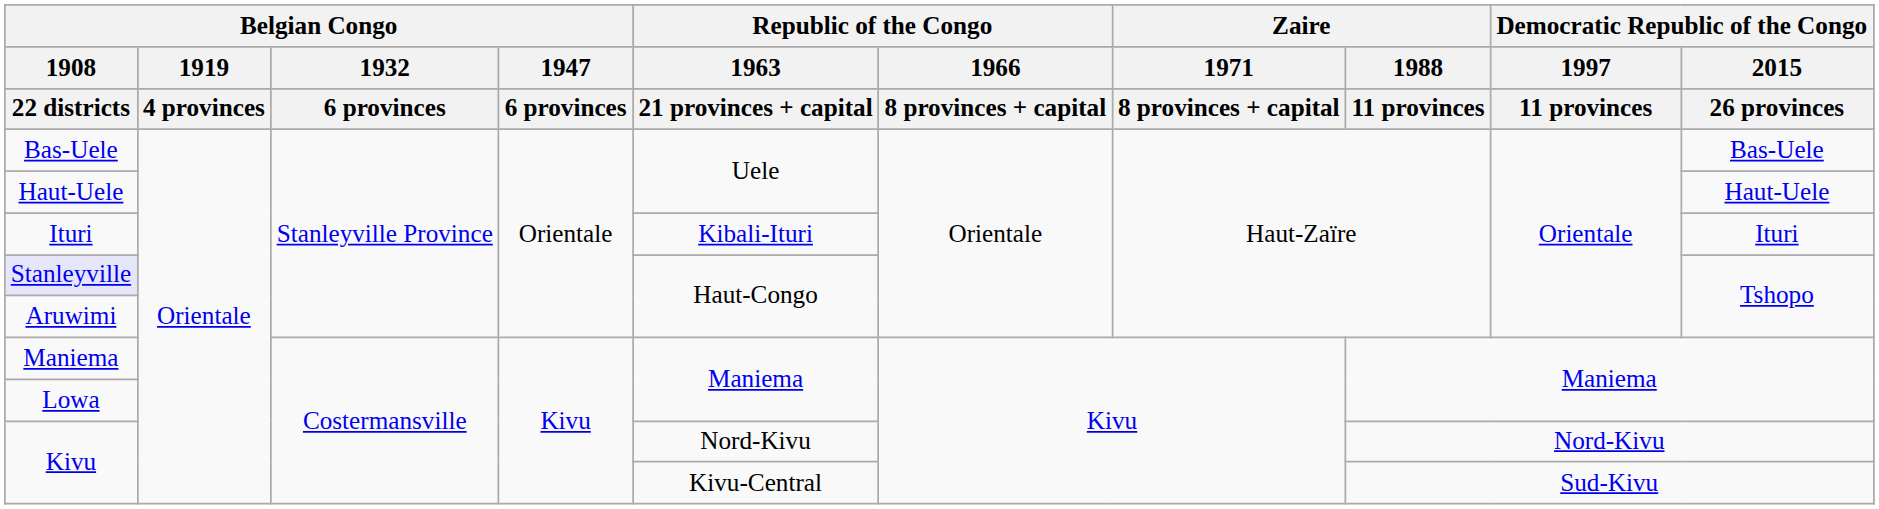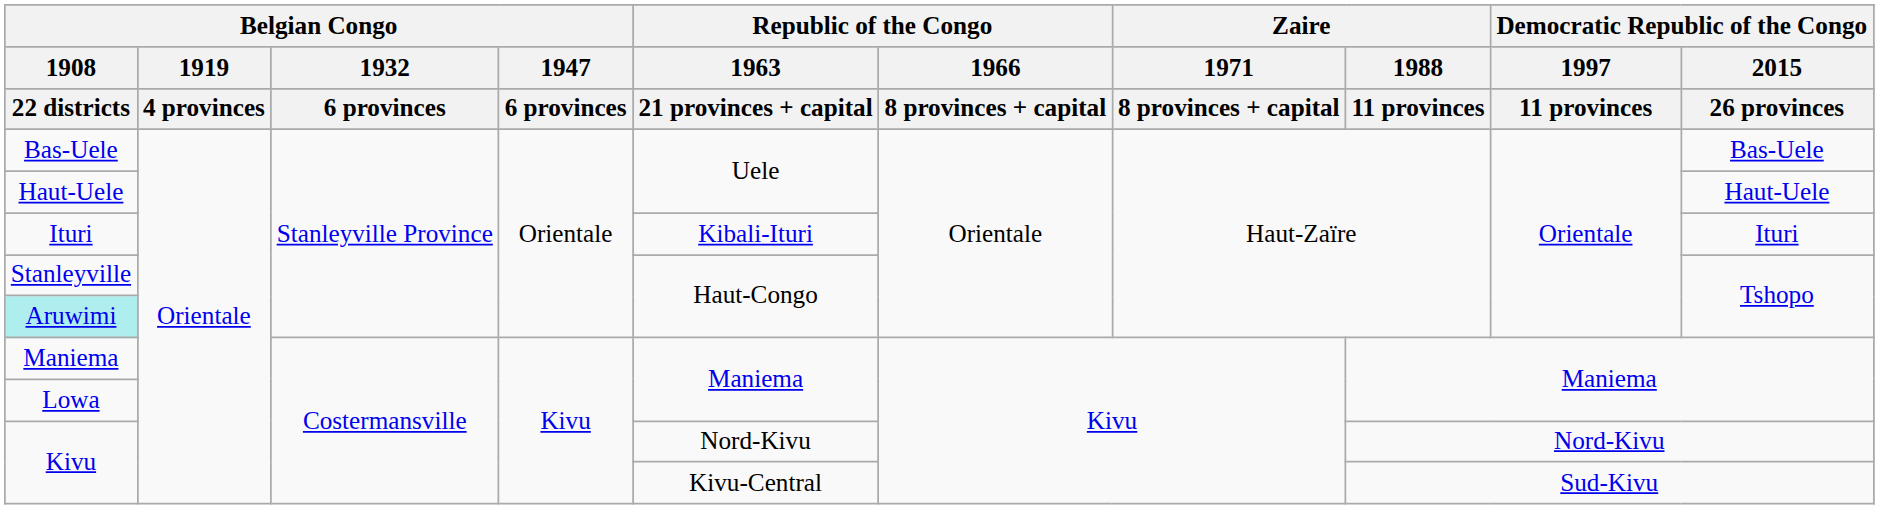 <table class="wikitable" style="font-size:90%; text-align:center">
 <tr>
 <th colspan=4>Belgian Congo</th>
 <th colspan=2>Republic of the Congo</th>
 <th colspan=2>Zaire</th>
 <th colspan=2>Democratic Republic of the Congo</th>
 </tr>
 <tr>
 <th>1908</th>
 <th>1919</th>
 <th>1932</th>
 <th>1947</th>
 <th>1963</th>
 <th>1966</th>
 <th>1971</th>
 <th>1988</th>
 <th>1997</th>
 <th>2015</th>
 </tr>
 <tr>
 <th>22 districts</th>
 <th>4 provinces</th>
 <th>6 provinces</th>
 <th>6 provinces</th>
 <th>21 provinces + capital</th>
 <th>8 provinces + capital</th>
 <th>8 provinces + capital</th>
 <th>11 provinces</th>
 <th>11 provinces</th>
 <th>26 provinces</th>
 </tr>
 <tr>
 <td><a href='#'>Bas-Uele</a></td>
 <td rowspan=9><a href='#'>Orientale</a></td>
 <td rowspan=5><a href='#'>Stanleyville Province</a></td>
 <td rowspan=5>Orientale</td>
 <td rowspan=2>Uele</td>
 <td rowspan=5>Orientale</td>
 <td rowspan=5 colspan=2>Haut-Zaïre</td>
 <td rowspan=5><a href='#'>Orientale</a></td>
 <td><a href='#'>Bas-Uele</a></td>
 </tr>
 <tr>
 <td><a href='#'>Haut-Uele</a></td>
 <td><a href='#'>Haut-Uele</a></td>
 </tr>
 <tr>
 <td><a href='#'>Ituri</a></td>
 <td><a href='#'>Kibali-Ituri</a></td>
 <td><a href='#'>Ituri</a></td>
 </tr>
 <tr>
-<td style="background: lavender;"><a href='#'>Stanleyville</a></td>
+<td><a href='#'>Stanleyville</a></td>
 <td rowspan=2>Haut-Congo</td>
 <td rowspan=2><a href='#'>Tshopo</a></td>
 </tr>
 <tr>
-<td><a href='#'>Aruwimi</a></td>
+<td style="background: paleturquoise;"><a href='#'>Aruwimi</a></td>
 </tr>
 <tr>
 <td><a href='#'>Maniema</a></td>
 <td rowspan=4><a href='#'>Costermansville</a></td>
 <td rowspan=4><a href='#'>Kivu</a></td>
 <td rowspan=2><a href='#'>Maniema</a></td>
 <td rowspan=4 colspan=2><a href='#'>Kivu</a></td>
 <td rowspan=2 colspan=3><a href='#'>Maniema</a></td>
 </tr>
 <tr>
 <td><a href='#'>Lowa</a></td>
 </tr>
 <tr>
 <td rowspan=2><a href='#'>Kivu</a></td>
 <td>Nord-Kivu</td>
 <td colspan=3><a href='#'>Nord-Kivu</a></td>
 </tr>
 <tr>
 <td>Kivu-Central</td>
 <td colspan=3><a href='#'>Sud-Kivu</a></td>
 </tr>
 </table>
